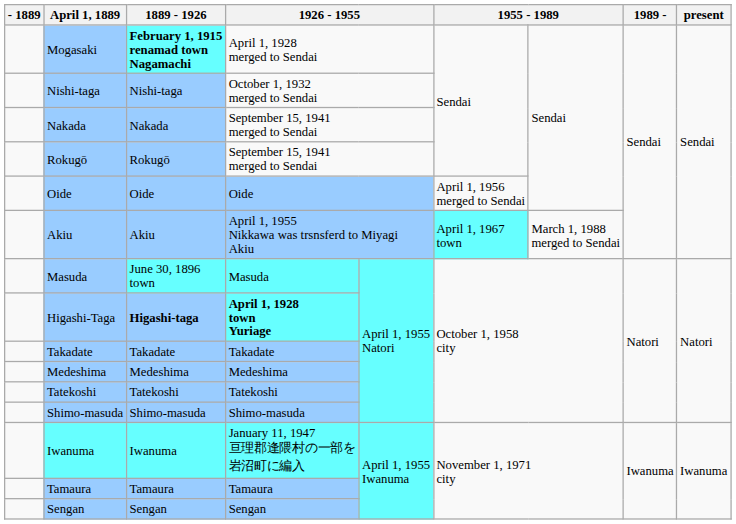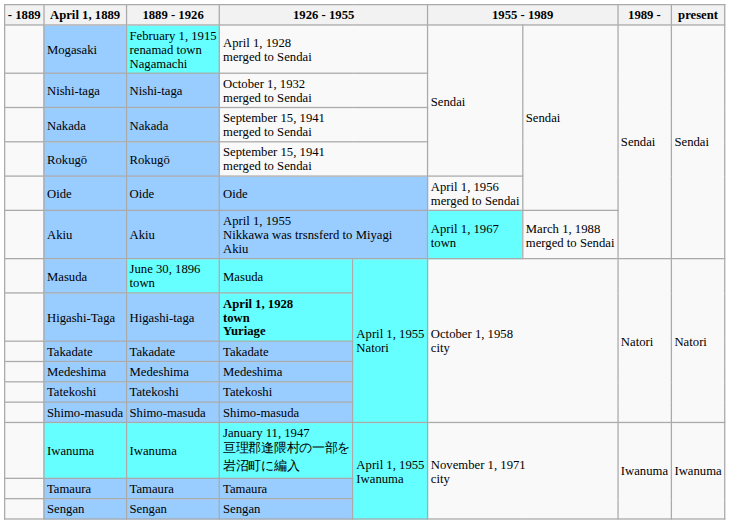 <table class="wikitable" style="font-size:x-small">
 <tr>
 <th>- 1889</th>
 <th>April 1, 1889</th>
 <th>1889 - 1926</th>
 <th colspan="2">1926 - 1955</th>
 <th colspan="2">1955 - 1989</th>
 <th>1989 -</th>
 <th>present</th>
 </tr>
 <tr>
 <td>　</td>
 <td style="background-color:#9cf;">Mogasaki</td>
-<td style="background-color:#6ff;"><strong>February 1, 1915<br>renamad town<br>Nagamachi</strong></td>
+<td style="background-color:#6ff;">February 1, 1915<br>renamad town<br>Nagamachi</td>
 <td colspan="2">April 1, 1928<br>merged to Sendai</td>
 <td rowspan="4">Sendai</td>
 <td rowspan="5">Sendai</td>
 <td rowspan="6">Sendai</td>
 <td rowspan="6">Sendai</td>
 </tr>
 <tr>
 <td></td>
 <td style="background-color:#9cf;">Nishi-taga</td>
 <td style="background-color:#9cf;">Nishi-taga</td>
 <td colspan="2">October 1, 1932<br>merged to Sendai</td>
 </tr>
 <tr>
 <td></td>
 <td style="background-color:#9cf;">Nakada</td>
 <td style="background-color:#9cf;">Nakada</td>
 <td colspan="2">September 15, 1941<br>merged to Sendai</td>
 </tr>
 <tr>
 <td></td>
 <td style="background-color:#9cf;">Rokugō</td>
 <td style="background-color:#9cf;">Rokugō</td>
 <td colspan="2">September 15, 1941<br>merged to Sendai</td>
 </tr>
 <tr>
 <td></td>
 <td style="background-color:#9cf;">Oide</td>
 <td style="background-color:#9cf;">Oide</td>
 <td style="background-color:#9cf;" colspan="2">Oide</td>
 <td>April 1, 1956<br>merged to Sendai</td>
 </tr>
 <tr>
 <td></td>
 <td style="background-color:#9cf;">Akiu</td>
 <td style="background-color:#9cf;">Akiu</td>
 <td style="background-color:#9cf;" colspan="2">April 1, 1955<br>Nikkawa was trsnsferd to Miyagi<br>Akiu</td>
 <td style="background-color:#6ff;">April 1, 1967<br>town</td>
 <td>March 1, 1988<br>merged to Sendai</td>
 </tr>
 <tr>
 <td></td>
 <td style="background-color:#9cf;">Masuda</td>
 <td style="background-color:#6ff;">June 30, 1896<br>town</td>
 <td style="background-color:#6ff;">Masuda</td>
 <td style="background-color:#6ff;" rowspan="6">April 1, 1955<br>Natori</td>
 <td rowspan="6" colspan="2">October 1, 1958<br>city</td>
 <td rowspan="6">Natori</td>
 <td rowspan="6">Natori</td>
 </tr>
 <tr>
 <td></td>
 <td style="background-color:#9cf;">Higashi-Taga</td>
-<td style="background-color:#9cf;"><strong>Higashi-taga</strong></td>
+<td style="background-color:#9cf;">Higashi-taga</td>
 <td style="background-color:#6ff;"><strong>April 1, 1928<br>town<br>Yuriage</strong></td>
 </tr>
 <tr>
 <td></td>
 <td style="background-color:#9cf;">Takadate</td>
 <td style="background-color:#9cf;">Takadate</td>
 <td style="background-color:#9cf;">Takadate</td>
 </tr>
 <tr>
 <td></td>
 <td style="background-color:#9cf;">Medeshima</td>
 <td style="background-color:#9cf;">Medeshima</td>
 <td style="background-color:#9cf;">Medeshima</td>
 </tr>
 <tr>
 <td></td>
 <td style="background-color:#9cf;">Tatekoshi</td>
 <td style="background-color:#9cf;">Tatekoshi</td>
 <td style="background-color:#9cf;">Tatekoshi</td>
 </tr>
 <tr>
 <td></td>
 <td style="background-color:#9cf;">Shimo-masuda</td>
 <td style="background-color:#9cf;">Shimo-masuda</td>
 <td style="background-color:#9cf;">Shimo-masuda</td>
 </tr>
 <tr>
 <td></td>
 <td style="background-color:#6ff;">Iwanuma</td>
 <td style="background-color:#6ff;">Iwanuma</td>
 <td style="background-color:#6ff;">January 11, 1947<br>亘理郡逢隈村の一部を<br>岩沼町に編入</td>
 <td style="background-color:#6ff;" rowspan="3">April 1, 1955<br>Iwanuma</td>
 <td rowspan="3" colspan="2">November 1, 1971<br>city</td>
 <td rowspan="3">Iwanuma</td>
 <td rowspan="3">Iwanuma</td>
 </tr>
 <tr>
 <td></td>
 <td style="background-color:#9cf;">Tamaura</td>
 <td style="background-color:#9cf;">Tamaura</td>
 <td style="background-color:#9cf;">Tamaura</td>
 </tr>
 <tr>
 <td></td>
 <td style="background-color:#9cf;">Sengan</td>
 <td style="background-color:#9cf;">Sengan</td>
 <td style="background-color:#9cf;">Sengan</td>
 </tr>
 </table>
